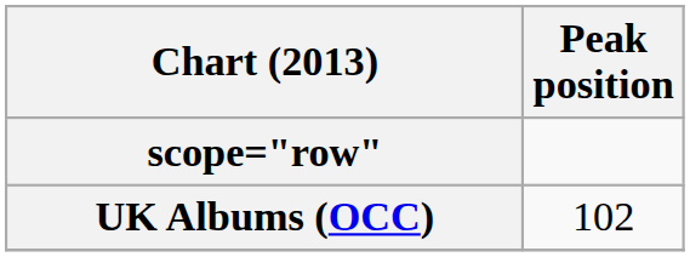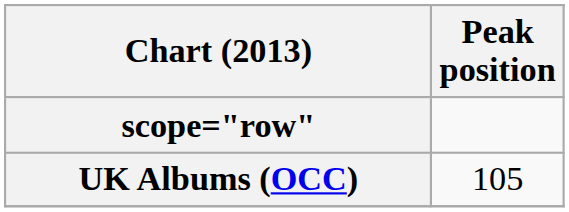 <table class="wikitable sortable plainrowheaders">
 <tr>
 <th scope="col" style="width:12em;">Chart (2013)</th>
 <th>Peak<br>position</th>
 </tr>
 <tr>
 <th>scope="row"</th>
 </tr>
 <tr>
 <th scope="row">UK Albums (<a href='#'>OCC</a>)</th>
-<td style="text-align:center;">102</td>
+<td style="text-align:center;">105</td>
 </tr>
 <tr>
 </tr>
 </table>
